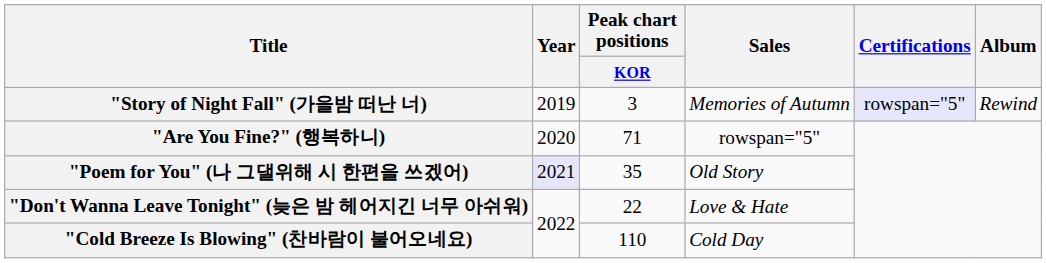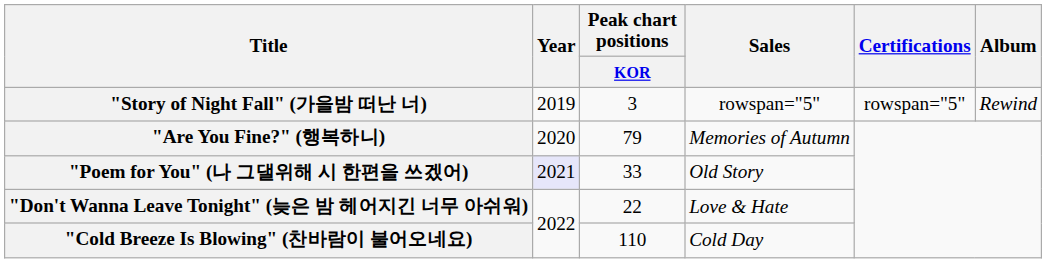 <table class="wikitable plainrowheaders" style="text-align:center;">
 <tr>
 <th scope="col" rowspan="2">Title</th>
 <th scope="col" rowspan="2">Year</th>
 <th scope="col" colspan="1" style="width:5em;">Peak chart positions</th>
 <th scope="col" rowspan="2">Sales</th>
 <th scope="col" rowspan="2"><a href='#'>Certifications</a></th>
 <th scope="col" rowspan="2">Album</th>
 </tr>
 <tr>
 <th><small><a href='#'>KOR</a></small><br></th>
 </tr>
 <tr>
 <th scope="row">"Story of Night Fall" (가을밤 떠난 너)</th>
 <td>2019</td>
 <td>3</td>
-<td style="text-align:left;"><em>Memories of Autumn</em></td>
-<td style="background: lavender;">rowspan="5" </td>
+<td>rowspan="5" </td>
+<td>rowspan="5" </td>
 <td style="text-align:left;"><em>Rewind</em></td>
 </tr>
 <tr>
 <th scope="row">"Are You Fine?" (행복하니)</th>
 <td>2020</td>
-<td>71</td>
-<td>rowspan="5" </td>
+<td>79</td>
+<td style="text-align:left;"><em>Memories of Autumn</em></td>
 </tr>
 <tr>
 <th scope="row">"Poem for You" (나 그댈위해 시 한편을 쓰겠어)</th>
 <td style="background: lavender;">2021</td>
-<td>35</td>
+<td>33</td>
 <td style="text-align:left;"><em>Old Story</em></td>
 </tr>
 <tr>
 <th scope="row">"Don't Wanna Leave Tonight" (늦은 밤 헤어지긴 너무 아쉬워)</th>
 <td rowspan="2">2022</td>
 <td>22</td>
 <td style="text-align:left;"><em>Love & Hate</em></td>
 </tr>
 <tr>
 <th scope="row">"Cold Breeze Is Blowing" (찬바람이 불어오네요)</th>
 <td>110</td>
 <td style="text-align:left;"><em>Cold Day</em></td>
 </tr>
 </table>
